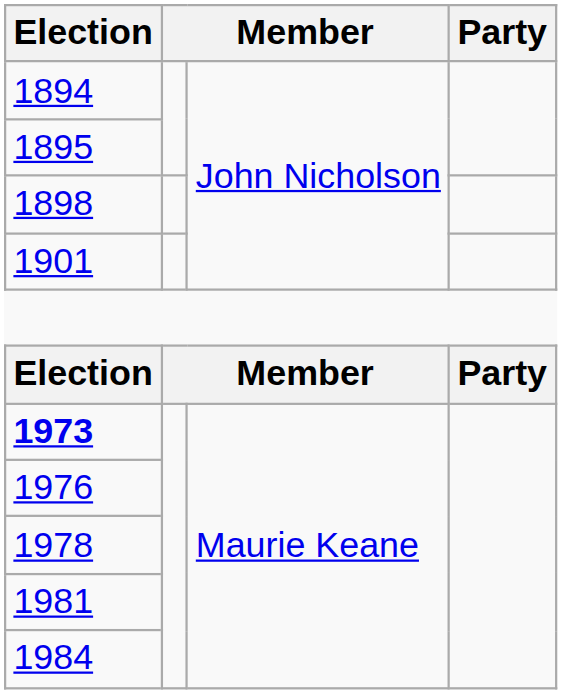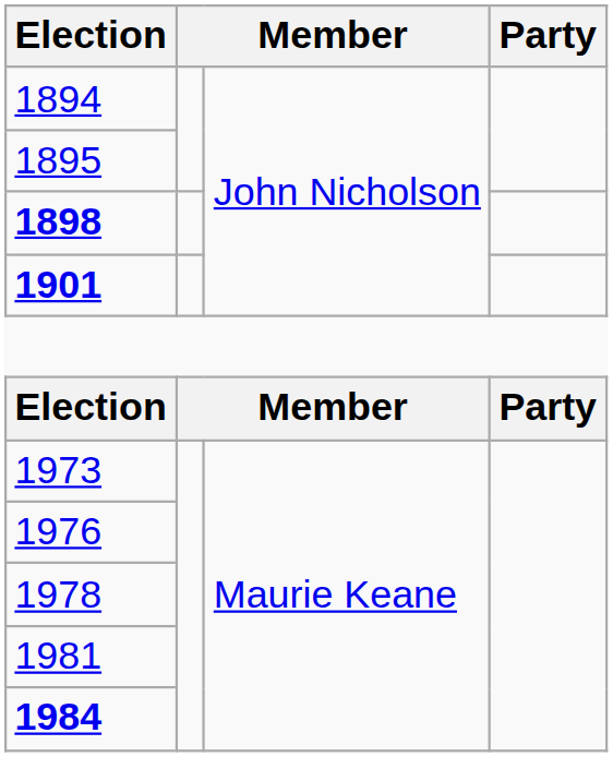 <table class="wikitable" style='border-style: none none none none;'>
 <tr>
 <th>Election</th>
 <th colspan="2">Member</th>
 <th>Party</th>
 </tr>
 <tr style="background: #f9f9f9">
 <td><a href='#'>1894</a></td>
 <td rowspan="2" > </td>
 <td rowspan="4"><a href='#'>John Nicholson</a></td>
 <td rowspan="2"></td>
 </tr>
 <tr style="background: #f9f9f9">
 <td><a href='#'>1895</a></td>
 </tr>
 <tr style="background: #f9f9f9">
-<td><a href='#'>1898</a></td>
+<td><strong><a href='#'>1898</a></strong></td>
 <td> </td>
 <td></td>
 </tr>
 <tr style="background: #f9f9f9">
-<td><a href='#'>1901</a></td>
+<td><strong><a href='#'>1901</a></strong></td>
 <td> </td>
 <td></td>
 </tr>
 <tr>
 <td colspan="4" style='border-style: none none none none;'> </td>
 </tr>
 <tr>
 <th>Election</th>
 <th colspan="2">Member</th>
 <th>Party</th>
 </tr>
 <tr style="background: #f9f9f9">
-<td><strong><a href='#'>1973</a></strong></td>
+<td><a href='#'>1973</a></td>
 <td rowspan="5" > </td>
 <td rowspan="5"><a href='#'>Maurie Keane</a></td>
 <td rowspan="5"></td>
 </tr>
 <tr>
 <td><a href='#'>1976</a></td>
 </tr>
 <tr>
 <td><a href='#'>1978</a></td>
 </tr>
 <tr>
 <td><a href='#'>1981</a></td>
 </tr>
 <tr>
-<td><a href='#'>1984</a></td>
+<td><strong><a href='#'>1984</a></strong></td>
 </tr>
 </table>
